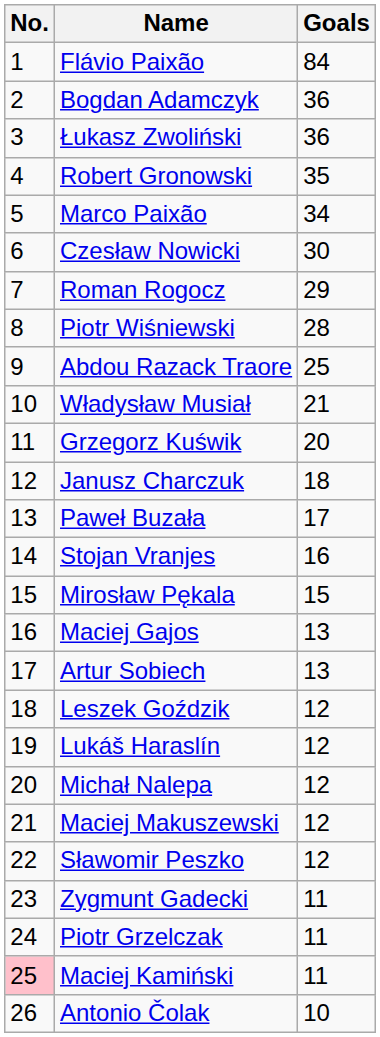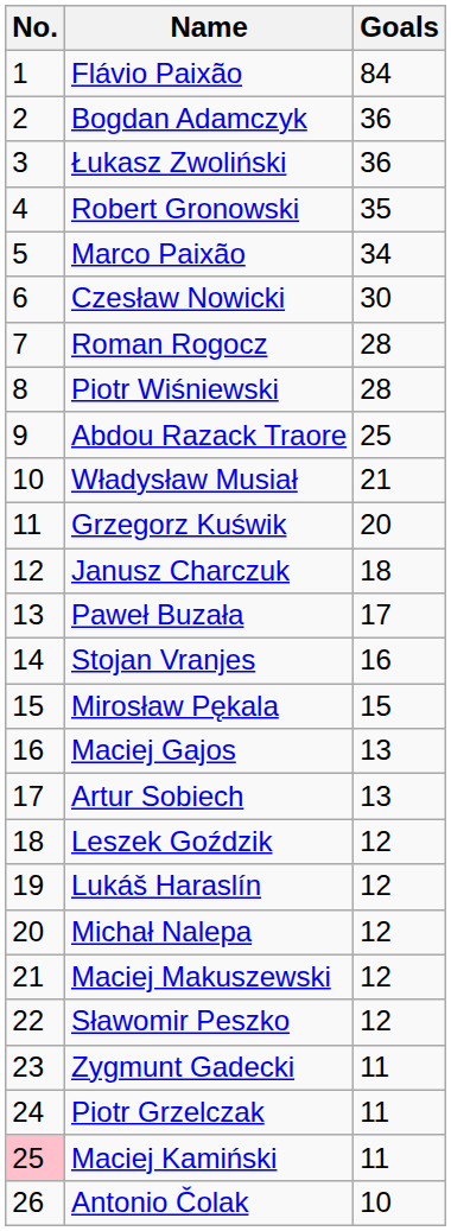 <table class="wikitable" style="display: inline-table;">
 <tr>
 <th>No.</th>
 <th>Name</th>
 <th>Goals</th>
 </tr>
 <tr>
 <td>1</td>
 <td><a href='#'>Flávio Paixão</a></td>
 <td>84</td>
 </tr>
 <tr>
 <td>2</td>
 <td><a href='#'>Bogdan Adamczyk</a></td>
 <td>36</td>
 </tr>
 <tr>
 <td>3</td>
 <td><a href='#'>Łukasz Zwoliński</a></td>
 <td>36</td>
 </tr>
 <tr>
 <td>4</td>
 <td><a href='#'>Robert Gronowski</a></td>
 <td>35</td>
 </tr>
 <tr>
 <td>5</td>
 <td><a href='#'>Marco Paixão</a></td>
 <td>34</td>
 </tr>
 <tr>
 <td>6</td>
 <td><a href='#'>Czesław Nowicki</a></td>
 <td>30</td>
 </tr>
 <tr>
 <td>7</td>
 <td><a href='#'>Roman Rogocz</a></td>
-<td>29</td>
+<td>28</td>
 </tr>
 <tr>
 <td>8</td>
 <td><a href='#'>Piotr Wiśniewski</a></td>
 <td>28</td>
 </tr>
 <tr>
 <td>9</td>
 <td><a href='#'>Abdou Razack Traore</a></td>
 <td>25</td>
 </tr>
 <tr>
 <td>10</td>
 <td><a href='#'>Władysław Musiał</a></td>
 <td>21</td>
 </tr>
 <tr>
 <td>11</td>
 <td><a href='#'>Grzegorz Kuświk</a></td>
 <td>20</td>
 </tr>
 <tr>
 <td>12</td>
 <td><a href='#'>Janusz Charczuk</a></td>
 <td>18</td>
 </tr>
 <tr>
 <td>13</td>
 <td><a href='#'>Paweł Buzała</a></td>
 <td>17</td>
 </tr>
 <tr>
 <td>14</td>
 <td><a href='#'>Stojan Vranjes</a></td>
 <td>16</td>
 </tr>
 <tr>
 <td>15</td>
 <td><a href='#'>Mirosław Pękala</a></td>
 <td>15</td>
 </tr>
 <tr>
 <td>16</td>
 <td><a href='#'>Maciej Gajos</a></td>
 <td>13</td>
 </tr>
 <tr>
 <td>17</td>
 <td><a href='#'>Artur Sobiech</a></td>
 <td>13</td>
 </tr>
 <tr>
 <td>18</td>
 <td><a href='#'>Leszek Goździk</a></td>
 <td>12</td>
 </tr>
 <tr>
 <td>19</td>
 <td><a href='#'>Lukáš Haraslín</a></td>
 <td>12</td>
 </tr>
 <tr>
 <td>20</td>
 <td><a href='#'>Michał Nalepa</a></td>
 <td>12</td>
 </tr>
 <tr>
 <td>21</td>
 <td><a href='#'>Maciej Makuszewski</a></td>
 <td>12</td>
 </tr>
 <tr>
 <td>22</td>
 <td><a href='#'>Sławomir Peszko</a></td>
 <td>12</td>
 </tr>
 <tr>
 <td>23</td>
 <td><a href='#'>Zygmunt Gadecki</a></td>
 <td>11</td>
 </tr>
 <tr>
 <td>24</td>
 <td><a href='#'>Piotr Grzelczak</a></td>
 <td>11</td>
 </tr>
 <tr>
 <td style="background: pink;">25</td>
 <td><a href='#'>Maciej Kamiński</a></td>
 <td>11</td>
 </tr>
 <tr>
 <td>26</td>
 <td><a href='#'>Antonio Čolak</a></td>
 <td>10</td>
 </tr>
 </table>
